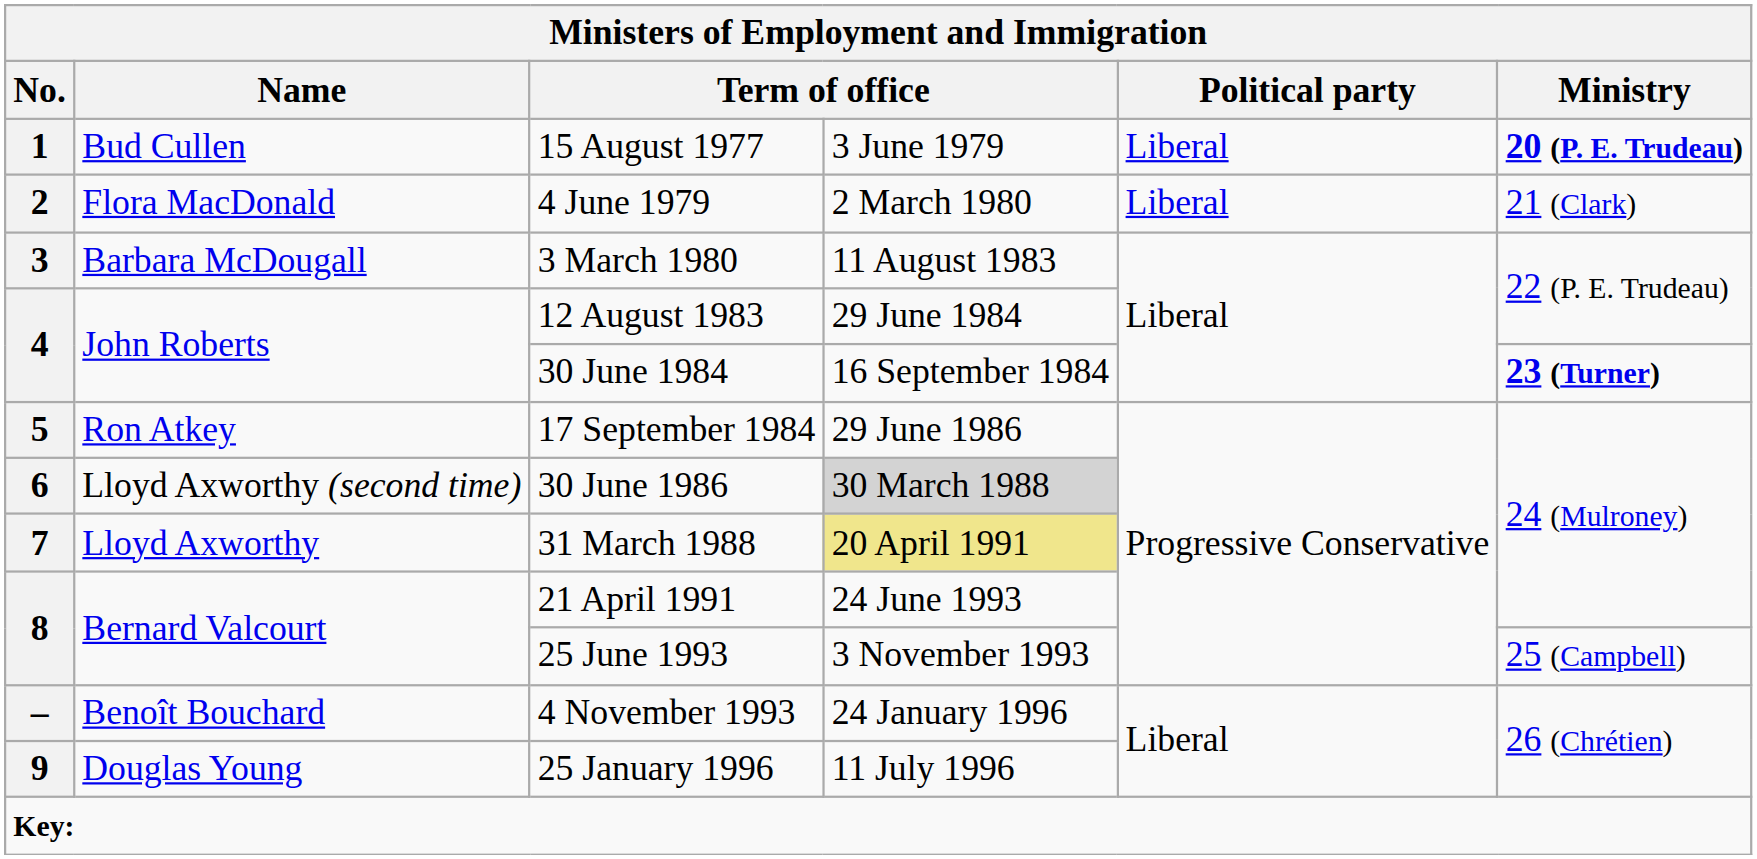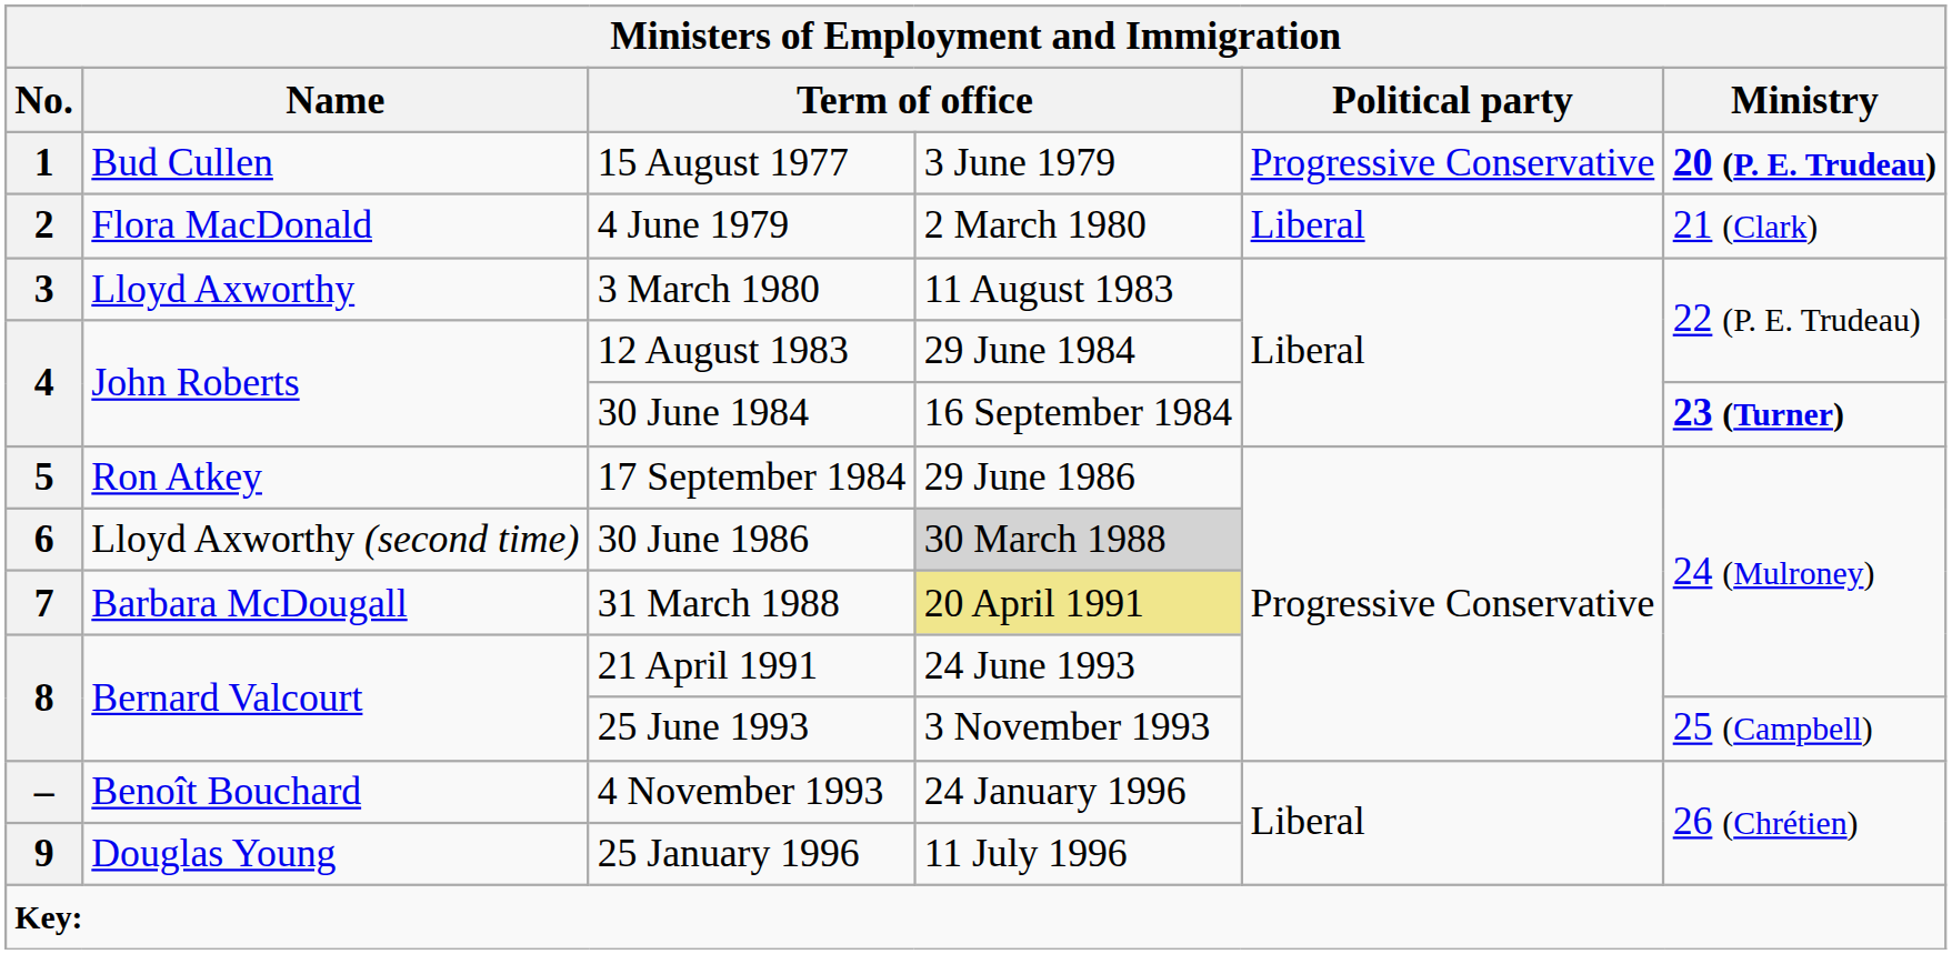 <table class="wikitable">
 <tr>
 <th colspan="6">Ministers of Employment and Immigration</th>
 </tr>
 <tr>
 <th>No.</th>
 <th>Name</th>
 <th colspan="2">Term of office</th>
 <th>Political party</th>
 <th>Ministry</th>
 </tr>
 <tr>
 <th scope="row" style="background:">1</th>
 <td><a href='#'>Bud Cullen</a></td>
 <td>15 August 1977</td>
 <td>3 June 1979</td>
-<td><a href='#'>Liberal</a></td>
+<td><a href='#'>Progressive Conservative</a></td>
 <td><strong><a href='#'>20</a> <small>(<a href='#'>P. E. Trudeau</a>)</small></strong></td>
 </tr>
 <tr>
 <th scope="row" style="background:">2</th>
 <td><a href='#'>Flora MacDonald</a></td>
 <td>4 June 1979</td>
 <td>2 March 1980</td>
 <td><a href='#'>Liberal</a></td>
 <td><a href='#'>21</a> <small>(<a href='#'>Clark</a>)</small></td>
 </tr>
 <tr>
 <th scope="row" style="background:">3</th>
-<td><a href='#'>Barbara McDougall</a></td>
+<td><a href='#'>Lloyd Axworthy</a></td>
 <td>3 March 1980</td>
 <td>11 August 1983</td>
 <td rowspan="3">Liberal</td>
 <td rowspan="2"><a href='#'>22</a> <small>(P. E. Trudeau)</small></td>
 </tr>
 <tr>
 <th rowspan="2" scope="row" style="background:">4</th>
 <td rowspan="2"><a href='#'>John Roberts</a></td>
 <td>12 August 1983</td>
 <td>29 June 1984</td>
 </tr>
 <tr>
 <td>30 June 1984</td>
 <td>16 September 1984</td>
 <td><strong><a href='#'>23</a> <small>(<a href='#'>Turner</a>)</small></strong></td>
 </tr>
 <tr>
 <th scope="row" style="background:">5</th>
 <td><a href='#'>Ron Atkey</a></td>
 <td>17 September 1984</td>
 <td>29 June 1986</td>
 <td rowspan="5">Progressive Conservative</td>
 <td rowspan="4"><a href='#'>24</a> <small>(<a href='#'>Mulroney</a>)</small></td>
 </tr>
 <tr>
 <th scope="row" style="background:">6</th>
 <td>Lloyd Axworthy <em>(second time)</em></td>
 <td>30 June 1986</td>
 <td style="background: lightgrey;">30 March 1988</td>
 </tr>
 <tr>
 <th scope="row" style="background:">7</th>
-<td><a href='#'>Lloyd Axworthy</a></td>
+<td><a href='#'>Barbara McDougall</a></td>
 <td>31 March 1988</td>
 <td style="background: khaki;">20 April 1991</td>
 </tr>
 <tr>
 <th rowspan="2" scope="row" style="background:">8</th>
 <td rowspan="2"><a href='#'>Bernard Valcourt</a></td>
 <td>21 April 1991</td>
 <td>24 June 1993</td>
 </tr>
 <tr>
 <td>25 June 1993</td>
 <td>3 November 1993</td>
 <td><a href='#'>25</a> <small>(<a href='#'>Campbell</a>)</small></td>
 </tr>
 <tr>
 <th scope="row" style="background:">–</th>
 <td><a href='#'>Benoît Bouchard</a></td>
 <td>4 November 1993</td>
 <td>24 January 1996</td>
 <td rowspan="2">Liberal</td>
 <td rowspan="2"><a href='#'>26</a> <small>(<a href='#'>Chrétien</a>)</small></td>
 </tr>
 <tr>
 <th scope="row" style="background:">9</th>
 <td><a href='#'>Douglas Young</a></td>
 <td>25 January 1996</td>
 <td>11 July 1996</td>
 </tr>
 <tr>
 <td colspan="6"><small><strong>Key:</strong></small></td>
 </tr>
 </table>
